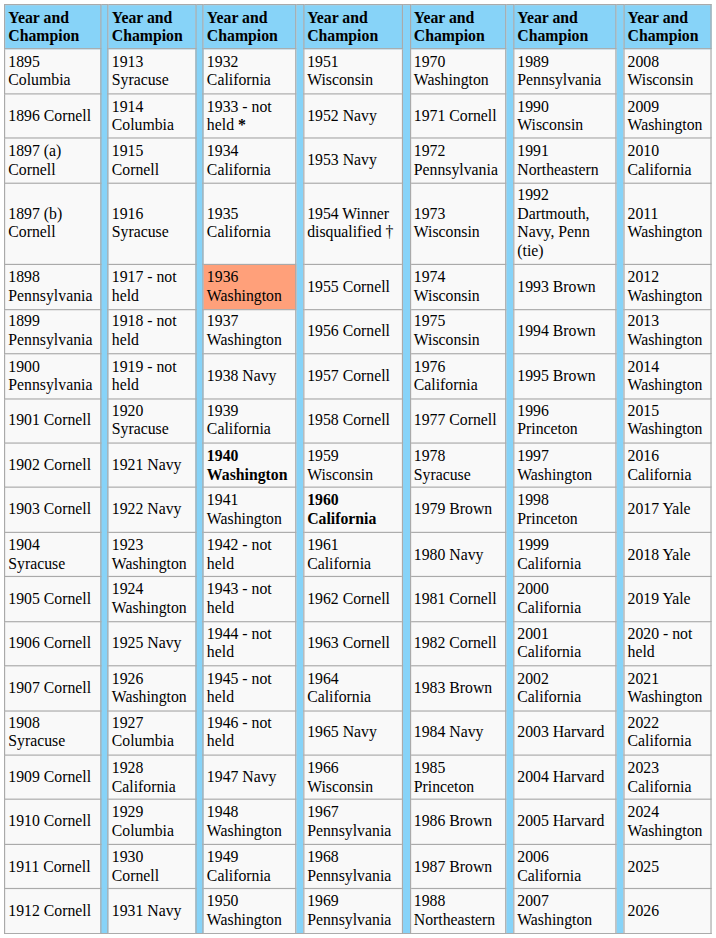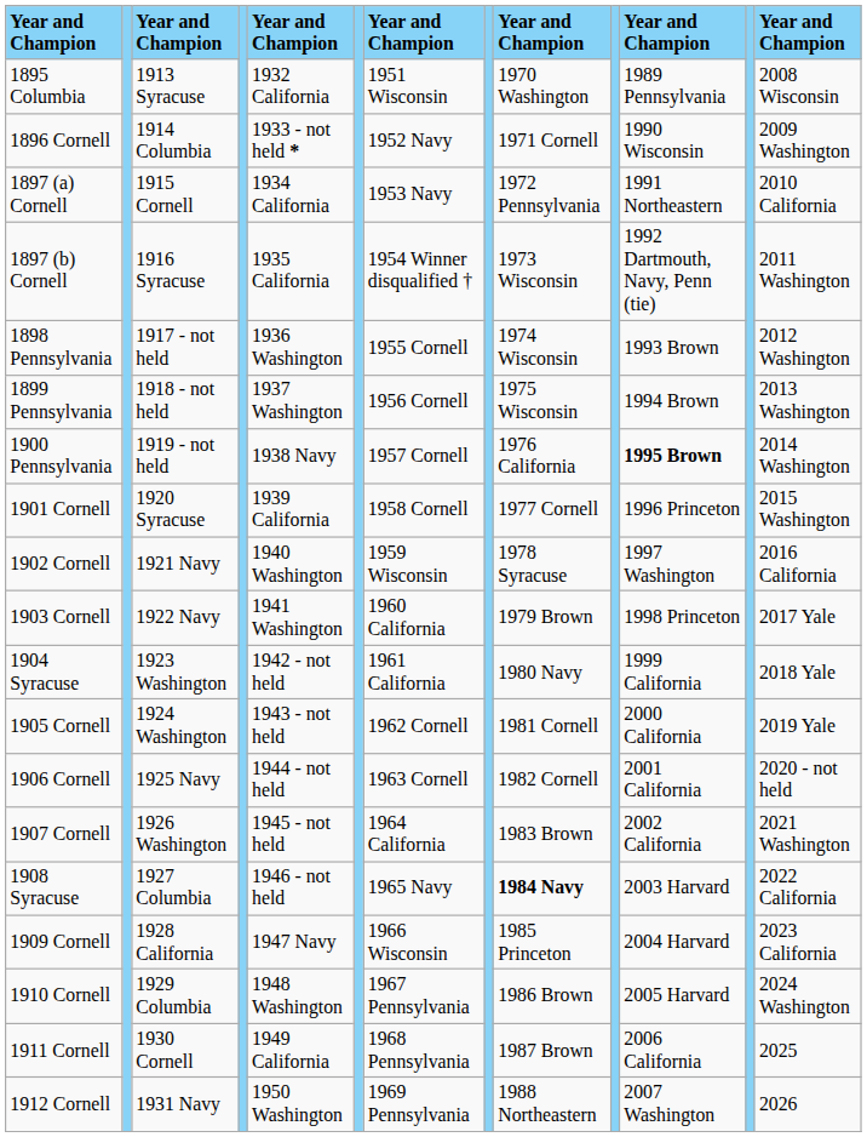 <table class="wikitable" style="font-size:85%;">
 <tr ! style="background-color: #87D3F8;">
 <td><strong>Year and Champion</strong></td>
 <td rowspan=20></td>
 <td><strong>Year and Champion</strong></td>
 <td rowspan=20></td>
 <td><strong>Year and Champion</strong></td>
 <td rowspan=20></td>
 <td><strong>Year and Champion</strong></td>
 <td rowspan=20></td>
 <td><strong>Year and Champion</strong></td>
 <td rowspan=20></td>
 <td><strong>Year and Champion</strong></td>
 <td rowspan=20></td>
 <td><strong>Year and Champion</strong></td>
 </tr>
 <tr --->
 <td>1895 Columbia</td>
 <td>1913 Syracuse</td>
 <td>1932 California</td>
 <td>1951 Wisconsin</td>
 <td>1970 Washington</td>
 <td>1989 Pennsylvania</td>
 <td>2008 Wisconsin</td>
 </tr>
 <tr --->
 <td>1896 Cornell</td>
 <td>1914 Columbia</td>
 <td>1933 - not held <strong>*</strong></td>
 <td>1952 Navy</td>
 <td>1971 Cornell</td>
 <td>1990 Wisconsin</td>
 <td>2009 Washington</td>
 </tr>
 <tr --->
 <td>1897 (a) Cornell</td>
 <td>1915 Cornell</td>
 <td>1934 California</td>
 <td>1953 Navy</td>
 <td>1972 Pennsylvania</td>
 <td>1991 Northeastern</td>
 <td>2010 California</td>
 </tr>
 <tr --->
 <td>1897 (b) Cornell</td>
 <td>1916 Syracuse</td>
 <td>1935 California</td>
 <td>1954 Winner disqualified †</td>
 <td>1973 Wisconsin</td>
 <td>1992 Dartmouth, Navy, Penn (tie)</td>
 <td>2011 Washington</td>
 </tr>
 <tr --->
 <td>1898 Pennsylvania</td>
 <td>1917 - not held</td>
-<td style="background: lightsalmon;">1936 Washington</td>
+<td>1936 Washington</td>
 <td>1955 Cornell</td>
 <td>1974 Wisconsin</td>
 <td>1993 Brown</td>
 <td>2012 Washington</td>
 </tr>
 <tr --->
 <td>1899 Pennsylvania</td>
 <td>1918 - not held</td>
 <td>1937 Washington</td>
 <td>1956 Cornell</td>
 <td>1975 Wisconsin</td>
 <td>1994 Brown</td>
 <td>2013 Washington</td>
 </tr>
 <tr --->
 <td>1900 Pennsylvania</td>
 <td>1919 - not held</td>
 <td>1938 Navy</td>
 <td>1957 Cornell</td>
 <td>1976 California</td>
-<td>1995 Brown</td>
+<td><strong>1995 Brown</strong></td>
 <td>2014 Washington</td>
 </tr>
 <tr --->
 <td>1901 Cornell</td>
 <td>1920 Syracuse</td>
 <td>1939 California</td>
 <td>1958 Cornell</td>
 <td>1977 Cornell</td>
 <td>1996 Princeton</td>
 <td>2015 Washington</td>
 </tr>
 <tr --->
 <td>1902 Cornell</td>
 <td>1921 Navy</td>
-<td><strong>1940 Washington</strong></td>
+<td>1940 Washington</td>
 <td>1959 Wisconsin</td>
 <td>1978 Syracuse</td>
 <td>1997 Washington</td>
 <td>2016 California</td>
 </tr>
 <tr --->
 <td>1903 Cornell</td>
 <td>1922 Navy</td>
 <td>1941 Washington</td>
-<td><strong>1960 California</strong></td>
+<td>1960 California</td>
 <td>1979 Brown</td>
 <td>1998 Princeton</td>
 <td>2017 Yale</td>
 </tr>
 <tr --->
 <td>1904 Syracuse</td>
 <td>1923 Washington</td>
 <td>1942 - not held</td>
 <td>1961 California</td>
 <td>1980 Navy</td>
 <td>1999 California</td>
 <td>2018 Yale</td>
 </tr>
 <tr --->
 <td>1905 Cornell</td>
 <td>1924 Washington</td>
 <td>1943 - not held</td>
 <td>1962 Cornell</td>
 <td>1981 Cornell</td>
 <td>2000 California</td>
 <td>2019 Yale</td>
 </tr>
 <tr --->
 <td>1906 Cornell</td>
 <td>1925 Navy</td>
 <td>1944 - not held</td>
 <td>1963 Cornell</td>
 <td>1982 Cornell</td>
 <td>2001 California</td>
 <td>2020 - not held</td>
 </tr>
 <tr --->
 <td>1907 Cornell</td>
 <td>1926 Washington</td>
 <td>1945 - not held</td>
 <td>1964 California</td>
 <td>1983 Brown</td>
 <td>2002 California</td>
 <td>2021 Washington</td>
 </tr>
 <tr --->
 <td>1908 Syracuse</td>
 <td>1927 Columbia</td>
 <td>1946 - not held</td>
 <td>1965 Navy</td>
-<td>1984 Navy</td>
+<td><strong>1984 Navy</strong></td>
 <td>2003 Harvard</td>
 <td>2022 California</td>
 </tr>
 <tr --->
 <td>1909 Cornell</td>
 <td>1928 California</td>
 <td>1947 Navy</td>
 <td>1966 Wisconsin</td>
 <td>1985 Princeton</td>
 <td>2004 Harvard</td>
 <td>2023 California</td>
 </tr>
 <tr --->
 <td>1910 Cornell</td>
 <td>1929 Columbia</td>
 <td>1948 Washington</td>
 <td>1967 Pennsylvania</td>
 <td>1986 Brown</td>
 <td>2005 Harvard</td>
 <td>2024 Washington</td>
 </tr>
 <tr --->
 <td>1911 Cornell</td>
 <td>1930 Cornell</td>
 <td>1949 California</td>
 <td>1968 Pennsylvania</td>
 <td>1987 Brown</td>
 <td>2006 California</td>
 <td>2025</td>
 </tr>
 <tr --->
 <td>1912 Cornell</td>
 <td>1931 Navy</td>
 <td>1950 Washington</td>
 <td>1969 Pennsylvania</td>
 <td>1988 Northeastern</td>
 <td>2007 Washington</td>
 <td>2026</td>
 </tr>
 <tr --->
 </tr>
 </table>
